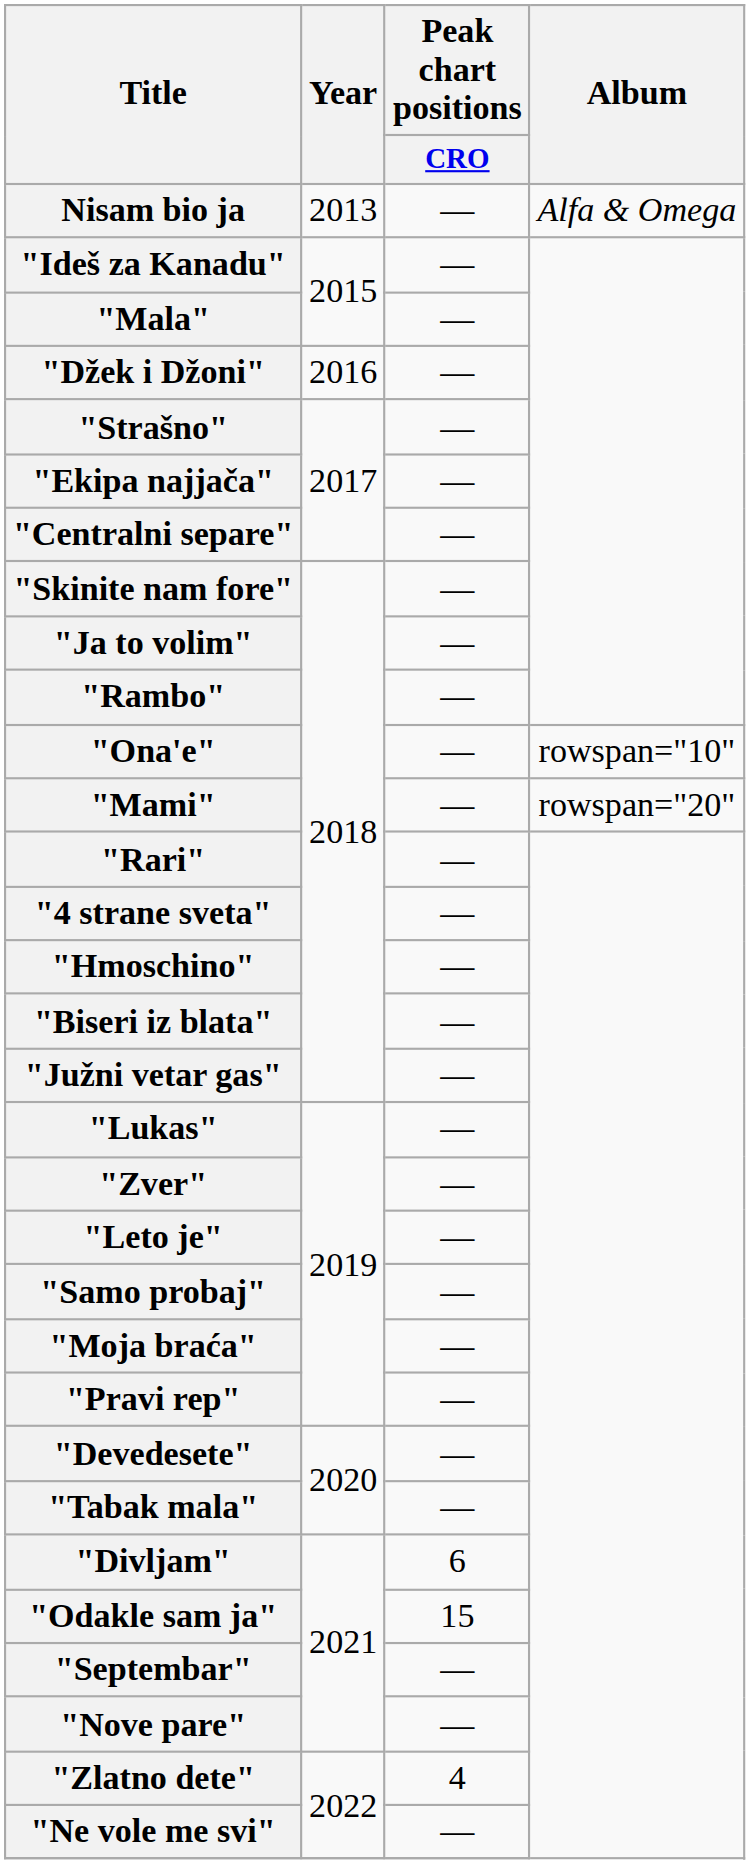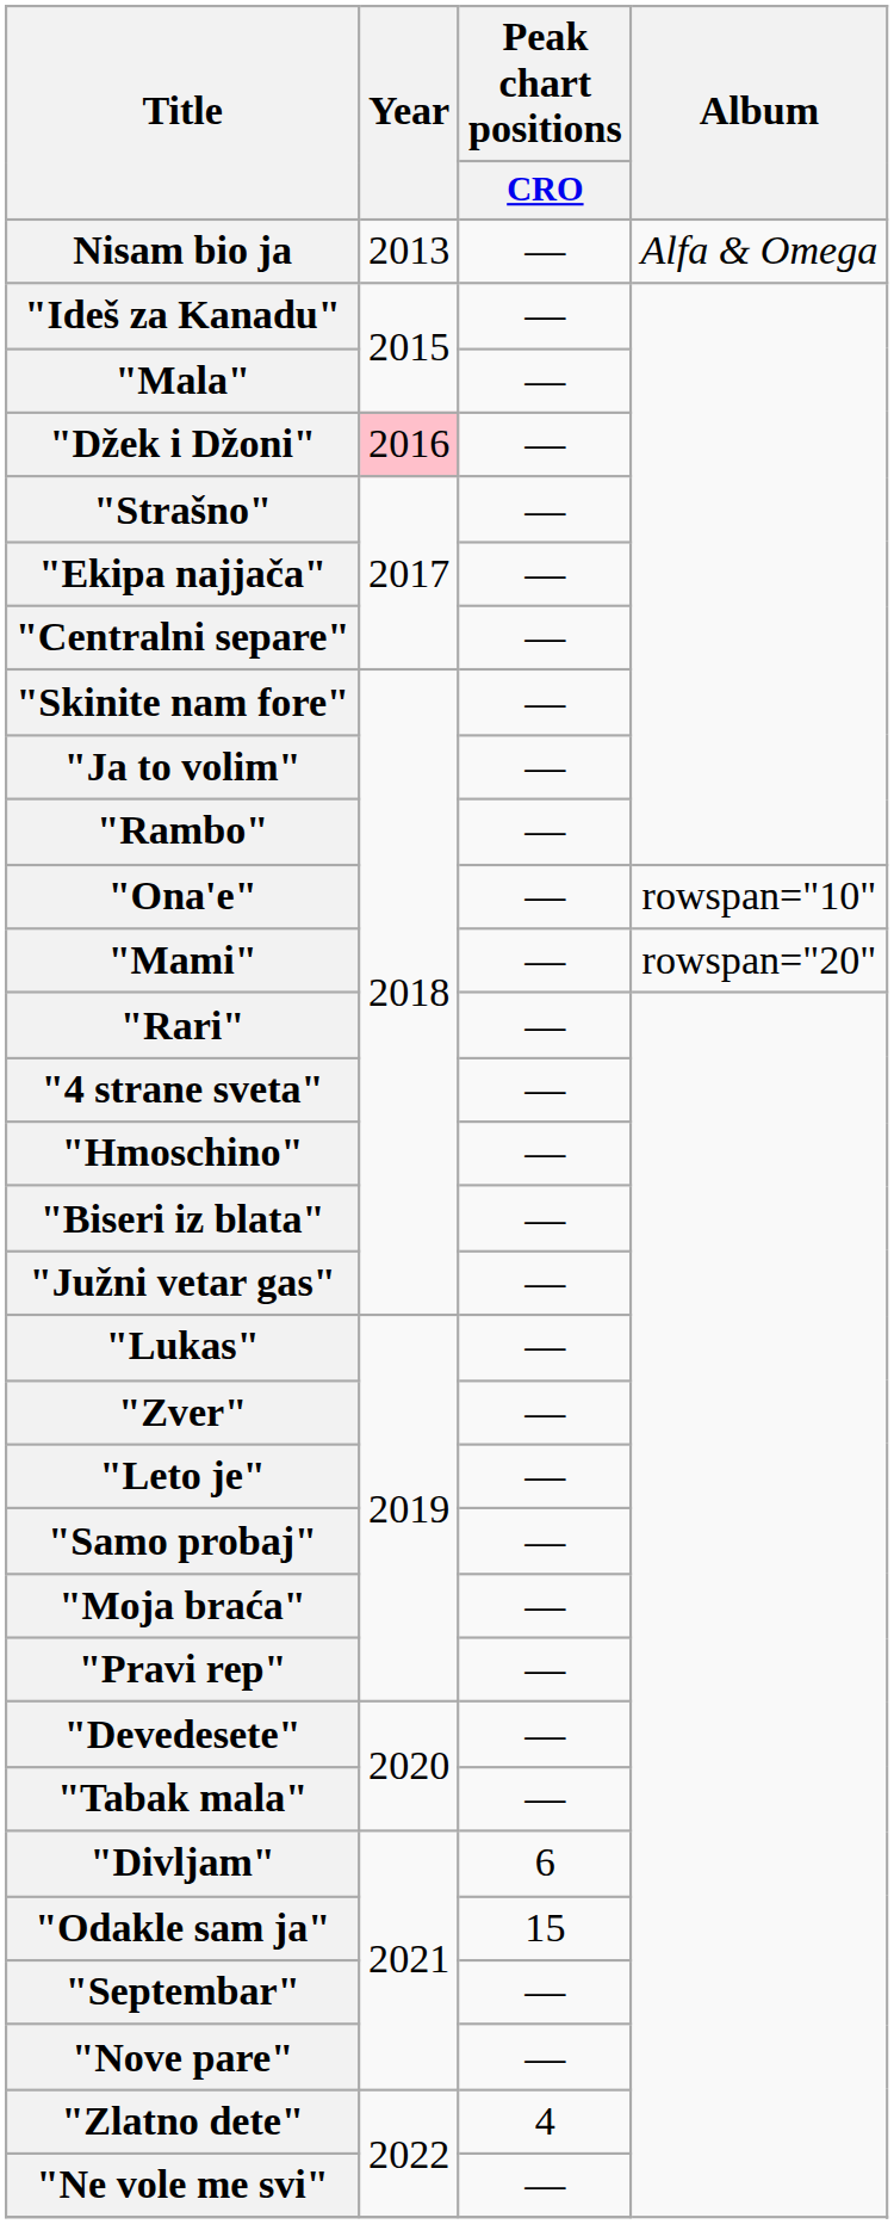 <table class="wikitable plainrowheaders" style="text-align:center;">
 <tr>
 <th scope="col" rowspan="2">Title</th>
 <th scope="col" rowspan="2">Year</th>
 <th scope="col" colspan="1">Peak chart positions</th>
 <th scope="col" rowspan="2">Album</th>
 </tr>
 <tr>
 <th scope="col" style="width:3em; font-size:85%;"><a href='#'>CRO</a><br></th>
 </tr>
 <tr>
 <th scope="row">Nisam bio ja</th>
 <td rowspan="1">2013</td>
 <td>—</td>
 <td><em>Alfa & Omega</em></td>
 </tr>
 <tr>
 <th scope="row">"Ideš za Kanadu"<br></th>
 <td rowspan="2">2015</td>
 <td>—</td>
 </tr>
 <tr>
 <th scope="row">"Mala"<br></th>
 <td>—</td>
 </tr>
 <tr>
 <th scope="row">"Džek i Džoni"<br></th>
-<td rowspan="1">2016</td>
+<td rowspan="1" style="background: pink;">2016</td>
 <td>—</td>
 </tr>
 <tr>
 <th scope="row">"Strašno"</th>
 <td rowspan="3">2017</td>
 <td>—</td>
 </tr>
 <tr>
 <th scope="row">"Ekipa najjača"<br></th>
 <td>—</td>
 </tr>
 <tr>
 <th scope="row">"Centralni separe"<br></th>
 <td>—</td>
 </tr>
 <tr>
 <th scope="row">"Skinite nam fore"</th>
 <td rowspan="10">2018</td>
 <td>—</td>
 </tr>
 <tr>
 <th scope="row">"Ja to volim"<br></th>
 <td>—</td>
 </tr>
 <tr>
 <th scope="row">"Rambo"</th>
 <td>—</td>
 </tr>
 <tr>
 <th scope="row">"Ona'e"<br></th>
 <td>—</td>
 <td>rowspan="10" </td>
 </tr>
 <tr>
 <th scope="row">"Mami"</th>
 <td>—</td>
 <td>rowspan="20" </td>
 </tr>
 <tr>
 <th scope="row">"Rari"<br></th>
 <td>—</td>
 </tr>
 <tr>
 <th scope="row">"4 strane sveta"<br></th>
 <td>—</td>
 </tr>
 <tr>
 <th scope="row">"Hmoschino"</th>
 <td>—</td>
 </tr>
 <tr>
 <th scope="row">"Biseri iz blata"</th>
 <td>—</td>
 </tr>
 <tr>
 <th scope="row">"Južni vetar gas"<br></th>
 <td>—</td>
 </tr>
 <tr>
 <th scope="row">"Lukas"</th>
 <td rowspan="6">2019</td>
 <td>—</td>
 </tr>
 <tr>
 <th scope="row">"Zver"</th>
 <td>—</td>
 </tr>
 <tr>
 <th scope="row">"Leto je"</th>
 <td>—</td>
 </tr>
 <tr>
 <th scope="row">"Samo probaj"</th>
 <td>—</td>
 </tr>
 <tr>
 <th scope="row">"Moja braća"</th>
 <td>—</td>
 </tr>
 <tr>
 <th scope="row">"Pravi rep"</th>
 <td>—</td>
 </tr>
 <tr>
 <th scope="row">"Devedesete"</th>
 <td rowspan="2">2020</td>
 <td>—</td>
 </tr>
 <tr>
 <th scope="row">"Tabak mala"</th>
 <td>—</td>
 </tr>
 <tr>
 <th scope="row">"Divljam"<br></th>
 <td rowspan="4">2021</td>
 <td>6</td>
 </tr>
 <tr>
 <th scope="row">"Odakle sam ja"<br></th>
 <td>15</td>
 </tr>
 <tr>
 <th scope="row">"Septembar"</th>
 <td>—</td>
 </tr>
 <tr>
 <th scope="row">"Nove pare"<br></th>
 <td>—</td>
 </tr>
 <tr>
 <th scope="row">"Zlatno dete"</th>
 <td rowspan="2">2022</td>
 <td>4</td>
 </tr>
 <tr>
 <th scope="row">"Ne vole me svi"<br></th>
 <td>—</td>
 </tr>
 <tr>
 </tr>
 </table>
